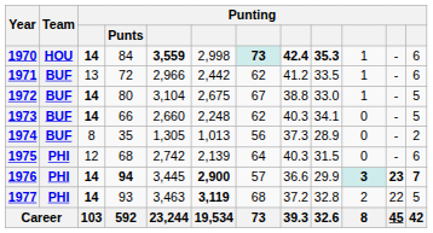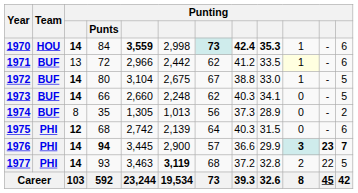 <table class=wikitable style="text-align:center;">
 <tr>
 <th rowspan="2">Year</th>
 <th rowspan="2">Team</th>
 <th colspan="10">Punting</th>
 </tr>
 <tr>
 <th></th>
 <th>Punts</th>
 <th></th>
 <th></th>
 <th></th>
 <th></th>
 <th></th>
 <th></th>
 <th></th>
 <th></th>
 </tr>
 <tr>
 <th><a href='#'>1970</a></th>
 <th><a href='#'>HOU</a></th>
 <td><strong>14</strong></td>
 <td>84</td>
 <td><strong>3,559</strong></td>
 <td>2,998</td>
 <td style="background:#cfecec; width:3em;"><strong>73</strong></td>
 <td><strong>42.4</strong></td>
 <td><strong>35.3</strong></td>
 <td>1</td>
 <td>-</td>
 <td>6</td>
 </tr>
 <tr>
 <th><a href='#'>1971</a></th>
 <th><a href='#'>BUF</a></th>
 <td>13</td>
 <td>72</td>
 <td>2,966</td>
 <td>2,442</td>
 <td>62</td>
 <td>41.2</td>
 <td>33.5</td>
-<td>1</td>
+<td style="background: lightyellow;">1</td>
 <td>-</td>
 <td>6</td>
 </tr>
 <tr>
 <th><a href='#'>1972</a></th>
 <th><a href='#'>BUF</a></th>
 <td><strong>14</strong></td>
 <td>80</td>
 <td>3,104</td>
 <td>2,675</td>
 <td>67</td>
 <td>38.8</td>
 <td>33.0</td>
 <td>1</td>
 <td>-</td>
 <td>5</td>
 </tr>
 <tr>
 <th><a href='#'>1973</a></th>
 <th><a href='#'>BUF</a></th>
 <td><strong>14</strong></td>
 <td>66</td>
 <td>2,660</td>
 <td>2,248</td>
 <td>62</td>
 <td>40.3</td>
 <td>34.1</td>
 <td>0</td>
 <td>-</td>
 <td>5</td>
 </tr>
 <tr>
 <th><a href='#'>1974</a></th>
 <th><a href='#'>BUF</a></th>
 <td>8</td>
 <td>35</td>
 <td>1,305</td>
 <td>1,013</td>
 <td>56</td>
 <td>37.3</td>
 <td>28.9</td>
 <td>0</td>
 <td>-</td>
 <td>2</td>
 </tr>
 <tr>
 <th><a href='#'>1975</a></th>
 <th><a href='#'>PHI</a></th>
-<td>12</td>
+<td><strong>12</strong></td>
 <td>68</td>
 <td>2,742</td>
 <td>2,139</td>
 <td>64</td>
 <td>40.3</td>
 <td>31.5</td>
 <td>0</td>
 <td>-</td>
 <td>6</td>
 </tr>
 <tr>
 <th><a href='#'>1976</a></th>
 <th><a href='#'>PHI</a></th>
 <td><strong>14</strong></td>
 <td><strong>94</strong></td>
 <td>3,445</td>
-<td><strong>2,900</strong></td>
+<td>2,900</td>
 <td>57</td>
 <td>36.6</td>
 <td>29.9</td>
 <td style="background:#cfecec; width:3em;"><strong>3</strong></td>
 <td><strong>23</strong></td>
 <td><strong>7</strong></td>
 </tr>
 <tr>
 <th><a href='#'>1977</a></th>
 <th><a href='#'>PHI</a></th>
 <td><strong>14</strong></td>
 <td>93</td>
 <td>3,463</td>
 <td><strong>3,119</strong></td>
 <td>68</td>
 <td>37.2</td>
 <td>32.8</td>
 <td>2</td>
 <td>22</td>
 <td>5</td>
 </tr>
 <tr>
 <th colspan="2">Career</th>
 <th>103</th>
 <th>592</th>
 <th>23,244</th>
 <th>19,534</th>
 <th>73</th>
 <th>39.3</th>
 <th>32.6</th>
 <th>8</th>
 <th><u>45</u></th>
 <th>42</th>
 </tr>
 </table>
